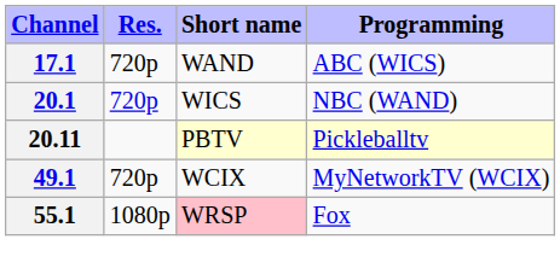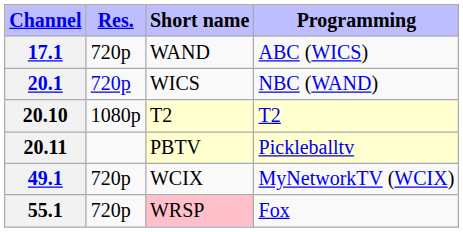 <table class="wikitable">
 <tr>
 <th style="background-color: #bdbdff" scope = "col"><a href='#'>Channel</a></th>
 <th style="background-color: #bdbdff" scope = "col"><a href='#'>Res.</a></th>
 <th style="background-color: #bdbdff" scope = "col">Short name</th>
 <th style="background-color: #bdbdff" scope = "col">Programming</th>
 </tr>
 <tr>
 <th scope = "row"><a href='#'>17.1</a></th>
 <td>720p</td>
 <td>WAND</td>
 <td><a href='#'>ABC</a> (<a href='#'>WICS</a>)</td>
 </tr>
 <tr>
 <th scope = "row"><a href='#'>20.1</a></th>
 <td><a href='#'>720p</a></td>
 <td>WICS</td>
 <td><a href='#'>NBC</a> (<a href='#'>WAND</a>)</td>
 </tr>
 <tr>
+<th scope = "row">20.10</th>
+<td>1080p</td>
+<td style="background-color:#ffffd0">T2</td>
+<td style="background-color:#ffffd0"><a href='#'>T2</a></td>
+</tr>
+<tr>
 <th scope = "row">20.11</th>
 <td></td>
 <td style="background-color:#ffffd0">PBTV</td>
 <td style="background-color:#ffffd0"><a href='#'>Pickleballtv</a></td>
 </tr>
 <tr>
 <th scope = "row"><a href='#'>49.1</a></th>
 <td>720p</td>
 <td>WCIX</td>
 <td><a href='#'>MyNetworkTV</a> (<a href='#'>WCIX</a>)</td>
 </tr>
 <tr>
 <th scope = "row">55.1</th>
-<td>1080p</td>
+<td>720p</td>
 <td style="background: pink;">WRSP</td>
 <td><a href='#'>Fox</a></td>
 </tr>
 </table>
